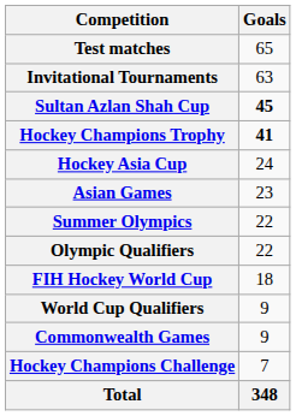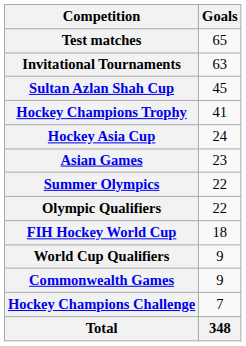 <table class="wikitable" style="font-size:90%; text-align:center;">
 <tr>
 <th>Competition</th>
 <th>Goals</th>
 </tr>
 <tr>
 <th>Test matches</th>
 <td>65</td>
 </tr>
 <tr>
 <th>Invitational Tournaments</th>
 <td>63</td>
 </tr>
 <tr>
 <th><a href='#'>Sultan Azlan Shah Cup</a></th>
-<td><strong>45</strong></td>
+<td>45</td>
 </tr>
 <tr>
 <th><a href='#'>Hockey Champions Trophy</a></th>
-<td><strong>41</strong></td>
+<td>41</td>
 </tr>
 <tr>
 <th><a href='#'>Hockey Asia Cup</a></th>
 <td>24</td>
 </tr>
 <tr>
 <th><a href='#'>Asian Games</a></th>
 <td>23</td>
 </tr>
 <tr>
 <th><a href='#'>Summer Olympics</a></th>
 <td>22</td>
 </tr>
 <tr>
 <th>Olympic Qualifiers</th>
 <td>22</td>
 </tr>
 <tr>
 <th><a href='#'>FIH Hockey World Cup</a></th>
 <td>18</td>
 </tr>
 <tr>
 <th>World Cup Qualifiers</th>
 <td>9</td>
 </tr>
 <tr>
 <th><a href='#'>Commonwealth Games</a></th>
 <td>9</td>
 </tr>
 <tr>
 <th><a href='#'>Hockey Champions Challenge</a></th>
 <td>7</td>
 </tr>
 <tr>
 <th>Total</th>
 <th>348</th>
 </tr>
 </table>
